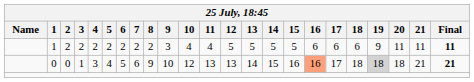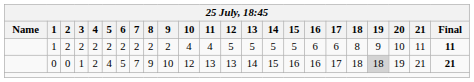 <table class=wikitable style="text-align:center; width: 55%">
 <tr>
 <th colspan=27><em>25 July, 18:45</em></th>
 </tr>
 <tr>
 <th>Name</th>
 <th>1</th>
 <th>2</th>
 <th>3</th>
 <th>4</th>
 <th>5</th>
 <th>6</th>
 <th>7</th>
 <th>8</th>
 <th>9</th>
 <th>10</th>
 <th>11</th>
 <th>12</th>
 <th>13</th>
 <th>14</th>
 <th>15</th>
 <th>16</th>
 <th>17</th>
 <th>18</th>
 <th>19</th>
 <th>20</th>
 <th>21</th>
 <th>Final</th>
 </tr>
 <tr>
 <td align=left></td>
 <td>1</td>
 <td>2</td>
 <td>2</td>
 <td>2</td>
 <td>2</td>
 <td>2</td>
 <td>2</td>
 <td>2</td>
-<td>3</td>
+<td>2</td>
 <td>4</td>
 <td>4</td>
 <td>5</td>
 <td>5</td>
 <td>5</td>
 <td>5</td>
 <td>6</td>
 <td>6</td>
-<td>6</td>
+<td>8</td>
 <td>9</td>
-<td>11</td>
+<td>10</td>
 <td>11</td>
 <td><strong>11</strong></td>
 </tr>
 <tr>
 <td align=left><strong></strong></td>
 <td>0</td>
 <td>0</td>
 <td>1</td>
-<td>3</td>
+<td>2</td>
 <td>4</td>
 <td>5</td>
-<td>6</td>
+<td>7</td>
 <td>9</td>
 <td>10</td>
 <td>12</td>
 <td>13</td>
 <td>13</td>
 <td>14</td>
 <td>15</td>
 <td>16</td>
-<td style="background: lightsalmon;">16</td>
+<td>16</td>
 <td>17</td>
 <td>18</td>
 <td style="background: lightgrey;">18</td>
-<td>18</td>
+<td>19</td>
 <td>21</td>
 <td><strong>21</strong></td>
 </tr>
 <tr>
 <td colspan=27></td>
 </tr>
 </table>
